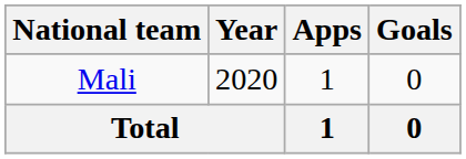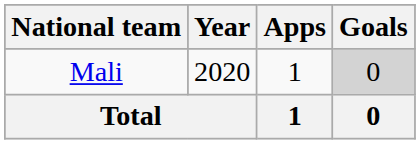 <table class="wikitable" style="text-align:center">
 <tr>
 <th>National team</th>
 <th>Year</th>
 <th>Apps</th>
 <th>Goals</th>
 </tr>
 <tr>
 <td><a href='#'>Mali</a></td>
 <td>2020</td>
 <td>1</td>
-<td>0</td>
+<td style="background: lightgrey;">0</td>
 </tr>
 <tr>
 <th colspan="2">Total</th>
 <th>1</th>
 <th>0</th>
 </tr>
 </table>
